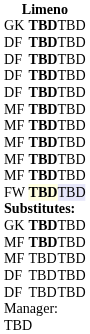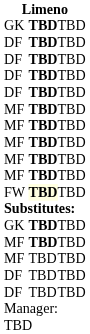 <table style="font-size: 90%" cellspacing="0" cellpadding="0">
 <tr>
 <td colspan="5" style="padding-top: 0.6em; text-align:center"><strong>Limeno</strong></td>
 </tr>
 <tr>
 <th width="25"></th>
 <th width="25"></th>
 </tr>
 <tr>
 <td>GK</td>
 <td><strong>TBD</strong></td>
 <td> TBD</td>
 <td></td>
 </tr>
 <tr>
 <td>DF</td>
 <td><strong>TBD</strong></td>
 <td> TBD</td>
 <td> </td>
 </tr>
 <tr>
 <td>DF</td>
 <td><strong>TBD</strong></td>
 <td> TBD</td>
 </tr>
 <tr>
 <td>DF</td>
 <td><strong>TBD</strong></td>
 <td> TBD</td>
 </tr>
 <tr>
 <td>DF</td>
 <td><strong>TBD</strong></td>
 <td> TBD</td>
 </tr>
 <tr>
 <td>MF</td>
 <td><strong>TBD</strong></td>
 <td> TBD</td>
 </tr>
 <tr>
 <td>MF</td>
 <td><strong>TBD</strong></td>
 <td> TBD</td>
 <td></td>
 </tr>
 <tr>
 <td>MF</td>
 <td><strong>TBD</strong></td>
 <td> TBD</td>
 <td></td>
 </tr>
 <tr>
 <td>MF</td>
 <td><strong>TBD</strong></td>
 <td> TBD</td>
 <td></td>
 </tr>
 <tr>
 <td>MF</td>
 <td><strong>TBD</strong></td>
 <td>TBD</td>
 <td></td>
 </tr>
 <tr>
 <td>FW</td>
 <td style="background: lightyellow;"><strong>TBD</strong></td>
-<td style="background: lavender;"> TBD</td>
+<td> TBD</td>
 <td></td>
 </tr>
 <tr>
 <td colspan=5><strong>Substitutes:</strong></td>
 </tr>
 <tr>
 <td>GK</td>
 <td><strong>TBD</strong></td>
 <td> TBD</td>
 <td></td>
 <td></td>
 </tr>
 <tr>
 <td>MF</td>
 <td><strong>TBD<em></td>
 <td> TBD</td>
 <td></td>
 <td></td>
 </tr>
 <tr>
 <td>MF</td>
 <td></strong>TBD<strong></td>
 <td> TBD</td>
 <td></td>
 <td> </td>
 </tr>
 <tr>
 <td>DF</td>
 <td></strong>TBD<strong></td>
 <td> TBD</td>
 <td></td>
 </tr>
 <tr>
 <td>DF</td>
 <td></strong>TBD<strong></td>
 <td> TBD</td>
 <td> </td>
 </tr>
 <tr>
 <td colspan=5></strong>Manager:<strong></td>
 </tr>
 <tr>
 <td colspan=5> TBD</td>
 </tr>
 </table>
